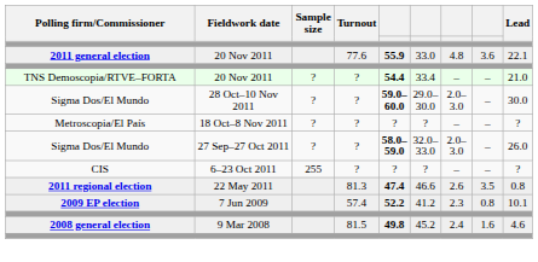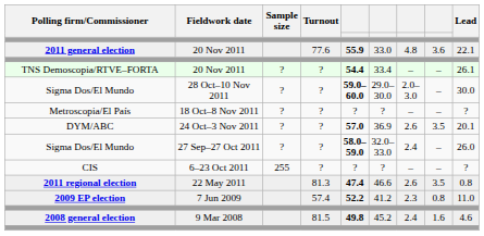 <table class="wikitable collapsible collapsed" style="text-align:center; font-size:95%; line-height:16px;">
 <tr style="height:42px;">
 <th style="width:250px;" rowspan="2">Polling firm/Commissioner</th>
 <th style="width:125px;" rowspan="2">Fieldwork date</th>
 <th style="width:50px;" rowspan="2">Sample size</th>
 <th style="width:45px;" rowspan="2">Turnout</th>
 <th style="width:35px;"></th>
 <th style="width:35px;"></th>
 <th style="width:35px;"></th>
 <th style="width:35px;"></th>
 <th style="width:30px;" rowspan="2">Lead</th>
 </tr>
 <tr>
 <th style="color:inherit;background:"></th>
 <th style="color:inherit;background:"></th>
 <th style="color:inherit;background:"></th>
 <th style="color:inherit;background:"></th>
 </tr>
 <tr>
 <td colspan="9" style="background:#A0A0A0"></td>
 </tr>
 <tr style="background:#EFEFEF;">
 <td><strong><a href='#'>2011 general election</a></strong></td>
 <td>20 Nov 2011</td>
 <td></td>
 <td>77.6</td>
 <td><strong>55.9</strong><br></td>
 <td>33.0<br></td>
 <td>4.8<br></td>
 <td>3.6<br></td>
 <td style="background:">22.1</td>
 </tr>
 <tr>
 <td colspan="9" style="background:#A0A0A0"></td>
 </tr>
 <tr style="background:#EAFFEA;">
 <td>TNS Demoscopia/RTVE–FORTA</td>
 <td>20 Nov 2011</td>
 <td>?</td>
 <td>?</td>
 <td><strong>54.4</strong><br></td>
 <td>33.4<br></td>
 <td>–</td>
 <td>–</td>
-<td style="background:">21.0</td>
+<td style="background:">26.1</td>
 </tr>
 <tr>
 <td>Sigma Dos/El Mundo</td>
 <td>28 Oct–10 Nov 2011</td>
 <td>?</td>
 <td>?</td>
 <td><strong>59.0–<br>60.0</strong><br></td>
 <td>29.0–<br>30.0<br></td>
 <td>2.0–<br>3.0<br></td>
 <td>–</td>
 <td style="background:">30.0</td>
 </tr>
 <tr>
 <td>Metroscopia/El País</td>
 <td>18 Oct–8 Nov 2011</td>
 <td>?</td>
 <td>?</td>
 <td>?<br></td>
 <td>?<br></td>
 <td>–</td>
 <td>–</td>
 <td style="background:">?</td>
 </tr>
 <tr>
+<td>DYM/ABC</td>
+<td>24 Oct–3 Nov 2011</td>
+<td>?</td>
+<td>?</td>
+<td><strong>57.0</strong><br></td>
+<td>36.9<br></td>
+<td>2.6<br></td>
+<td>3.5<br></td>
+<td style="background:">20.1</td>
+</tr>
+<tr>
 <td>Sigma Dos/El Mundo</td>
 <td>27 Sep–27 Oct 2011</td>
 <td>?</td>
 <td>?</td>
 <td><strong>58.0–<br>59.0</strong><br></td>
 <td>32.0–<br>33.0<br></td>
-<td>2.0–<br>3.0<br></td>
+<td>2.4<br></td>
 <td>–</td>
 <td style="background:">26.0</td>
 </tr>
 <tr>
 <td>CIS</td>
 <td>6–23 Oct 2011</td>
 <td>255</td>
 <td>?</td>
 <td>?<br></td>
 <td>?<br></td>
 <td>–</td>
 <td>–</td>
 <td style="background:">?</td>
 </tr>
 <tr style="background:#EFEFEF;">
 <td><strong><a href='#'>2011 regional election</a></strong></td>
 <td>22 May 2011</td>
 <td></td>
 <td>81.3</td>
 <td><strong>47.4</strong><br></td>
 <td>46.6<br></td>
 <td>2.6<br></td>
 <td>3.5<br></td>
 <td style="background:">0.8</td>
 </tr>
 <tr style="background:#EFEFEF;">
 <td><strong><a href='#'>2009 EP election</a></strong></td>
 <td>7 Jun 2009</td>
 <td></td>
 <td>57.4</td>
 <td><strong>52.2</strong><br></td>
 <td>41.2<br></td>
 <td>2.3<br></td>
 <td>0.8<br></td>
-<td style="background:">10.1</td>
+<td style="background:">11.0</td>
 </tr>
 <tr>
 <td colspan="9" style="background:#A0A0A0"></td>
 </tr>
 <tr style="background:#EFEFEF;">
 <td><strong><a href='#'>2008 general election</a></strong></td>
 <td>9 Mar 2008</td>
 <td></td>
 <td>81.5</td>
 <td><strong>49.8</strong><br></td>
 <td>45.2<br></td>
 <td>2.4<br></td>
 <td>1.6<br></td>
 <td style="background:">4.6</td>
 </tr>
 <tr>
 <td colspan="9" style="background:#A0A0A0"></td>
 </tr>
 </table>
